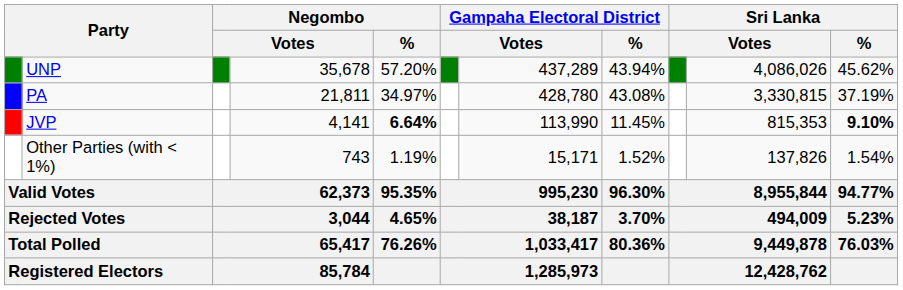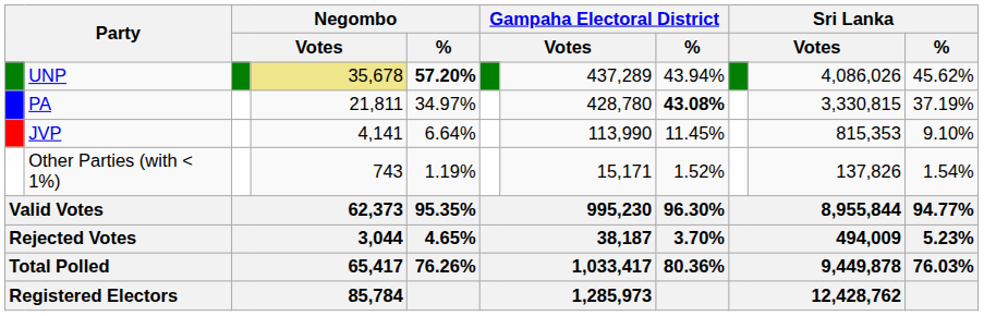 <table class="wikitable">
 <tr>
 <th colspan="2" width="144px"rowspan="2">Party</th>
 <th colspan="3" width="216px">Negombo</th>
 <th colspan="3" width="216px"><a href='#'>Gampaha Electoral District</a></th>
 <th colspan="3" width="216px">Sri Lanka</th>
 </tr>
 <tr>
 <th colspan="2" width="144px">Votes</th>
 <th>%</th>
 <th colspan="2" width="144px">Votes</th>
 <th>%</th>
 <th colspan="2" width="144px">Votes</th>
 <th>%</th>
 </tr>
 <tr>
 <td style="background-color:green;" width="10px"></td>
 <td style="text-align:left;"><a href='#'>UNP</a></td>
 <td style="background-color:green;" width="10px"></td>
-<td style="text-align:right;">35,678</td>
-<td style="text-align:right;">57.20%</td>
+<td style="background: khaki; text-align:right;">35,678</td>
+<td style="text-align:right;"><strong>57.20%</strong></td>
 <td style="background-color:green;" width="10px"></td>
 <td style="text-align:right;">437,289</td>
 <td style="text-align:right;">43.94%</td>
 <td style="background-color:green;" width="10px"></td>
 <td style="text-align:right;">4,086,026</td>
 <td style="text-align:right;">45.62%</td>
 </tr>
 <tr>
 <td style="background-color:blue;" width="10px"></td>
 <td style="text-align:left;"><a href='#'>PA</a></td>
 <td style="background-color:white;" width="10px"></td>
 <td style="text-align:right;">21,811</td>
 <td style="text-align:right;">34.97%</td>
 <td style="background-color:white;" width="10px"></td>
 <td style="text-align:right;">428,780</td>
-<td style="text-align:right;">43.08%</td>
+<td style="text-align:right;"><strong>43.08%</strong></td>
 <td style="background-color:white;" width="10px"></td>
 <td style="text-align:right;">3,330,815</td>
 <td style="text-align:right;">37.19%</td>
 </tr>
 <tr>
 <td style="background-color:red;" width="10px"></td>
 <td style="text-align:left;"><a href='#'>JVP</a></td>
 <td style="background-color:white;" width="10px"></td>
 <td style="text-align:right;">4,141</td>
-<td style="text-align:right;"><strong>6.64%</strong></td>
+<td style="text-align:right;">6.64%</td>
 <td style="background-color:white;" width="10px"></td>
 <td style="text-align:right;">113,990</td>
 <td style="text-align:right;">11.45%</td>
 <td style="background-color:white;" width="10px"></td>
 <td style="text-align:right;">815,353</td>
-<td style="text-align:right;"><strong>9.10%</strong></td>
+<td style="text-align:right;">9.10%</td>
 </tr>
 <tr>
 <td style="background-color:white;" width="10px"></td>
 <td style="text-align:left;">Other Parties (with < 1%)</td>
 <td style="background-color:white;" width="10px"></td>
 <td style="text-align:right;">743</td>
 <td style="text-align:right;">1.19%</td>
 <td style="background-color:white;" width="10px"></td>
 <td style="text-align:right;">15,171</td>
 <td style="text-align:right;">1.52%</td>
 <td style="background-color:white;" width="10px"></td>
 <td style="text-align:right;">137,826</td>
 <td style="text-align:right;">1.54%</td>
 </tr>
 <tr>
 <th colspan="2" width="144px"style="text-align:left;">Valid Votes</th>
 <th style="text-align:right;"colspan="2" width="144px">62,373</th>
 <th style="text-align:right;">95.35%</th>
 <th style="text-align:right;"colspan="2" width="144px">995,230</th>
 <th style="text-align:right;">96.30%</th>
 <th style="text-align:right;"colspan="2" width="144px">8,955,844</th>
 <th style="text-align:right;">94.77%</th>
 </tr>
 <tr>
 <th colspan="2" width="144px"style="text-align:left;">Rejected Votes</th>
 <th style="text-align:right;"colspan="2" width="144px">3,044</th>
 <th style="text-align:right;">4.65%</th>
 <th style="text-align:right;"colspan="2" width="144px">38,187</th>
 <th style="text-align:right;">3.70%</th>
 <th style="text-align:right;"colspan="2" width="144px">494,009</th>
 <th style="text-align:right;">5.23%</th>
 </tr>
 <tr>
 <th colspan="2" width="144px"style="text-align:left;">Total Polled</th>
 <th style="text-align:right;"colspan="2" width="144px">65,417</th>
 <th style="text-align:right;">76.26%</th>
 <th style="text-align:right;"colspan="2" width="144px">1,033,417</th>
 <th style="text-align:right;">80.36%</th>
 <th style="text-align:right;"colspan="2" width="144px">9,449,878</th>
 <th style="text-align:right;">76.03%</th>
 </tr>
 <tr>
 <th colspan="2" width="144px"style="text-align:left;">Registered Electors</th>
 <th style="text-align:right;"colspan="2" width="144px">85,784</th>
 <th></th>
 <th style="text-align:right;"colspan="2" width="144px">1,285,973</th>
 <th></th>
 <th style="text-align:right;"colspan="2" width="144px">12,428,762</th>
 <th></th>
 </tr>
 </table>
